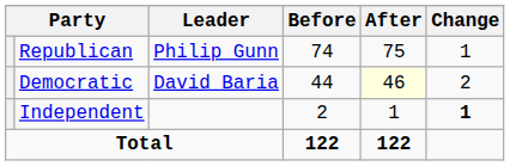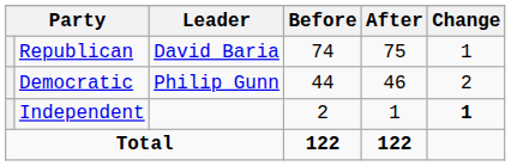 <table class="wikitable" style="text-align:center;">
 <tr>
 </tr>
 <tr>
 <th colspan=2>Party</th>
 <th>Leader</th>
 <th>Before</th>
 <th>After</th>
 <th>Change</th>
 </tr>
 <tr>
 <th style="background-color:"></th>
 <td style="text-align:left;"><a href='#'>Republican</a></td>
-<td style="text-align:left;"><a href='#'>Philip Gunn</a></td>
+<td style="text-align:left;"><a href='#'>David Baria</a></td>
 <td>74</td>
 <td>75</td>
 <td> 1</td>
 </tr>
 <tr>
 <th style="background-color:"></th>
 <td style="text-align:left;"><a href='#'>Democratic</a></td>
-<td style="text-align:left;"><a href='#'>David Baria</a></td>
+<td style="text-align:left;"><a href='#'>Philip Gunn</a></td>
 <td>44</td>
-<td style="background: lightyellow;">46</td>
+<td>46</td>
 <td> 2</td>
 </tr>
 <tr>
 <th style="background-color:"></th>
 <td style="text-align:left;"><a href='#'>Independent</a></td>
 <td style="text-align:left;"></td>
 <td>2</td>
 <td>1</td>
 <td><strong> 1</strong></td>
 </tr>
 <tr>
 <td colspan=3><strong>Total</strong></td>
 <td><strong>122</strong></td>
 <td><strong>122</strong></td>
 </tr>
 </table>
